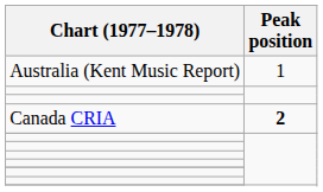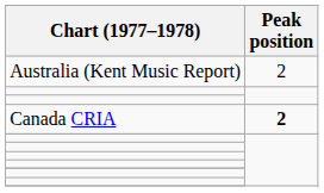 <table class="wikitable sortable">
 <tr>
 <th>Chart (1977–1978)</th>
 <th>Peak<br>position</th>
 </tr>
 <tr>
 <td align="left">Australia (Kent Music Report)</td>
-<td style="text-align:center;">1</td>
+<td style="text-align:center;">2</td>
 </tr>
 <tr>
 <td></td>
 </tr>
 <tr>
 <td></td>
 </tr>
 <tr>
 <td align="left">Canada <a href='#'>CRIA</a></td>
 <td style="text-align:center;"><strong>2</strong></td>
 </tr>
 <tr>
 </tr>
 <tr>
 </tr>
 <tr>
 <td></td>
 </tr>
 <tr>
 <td></td>
 </tr>
 <tr>
 <td></td>
 </tr>
 <tr>
 <td></td>
 </tr>
 <tr>
 </tr>
 <tr>
 <td></td>
 </tr>
 <tr>
 <td></td>
 </tr>
 <tr>
 </tr>
 </table>
